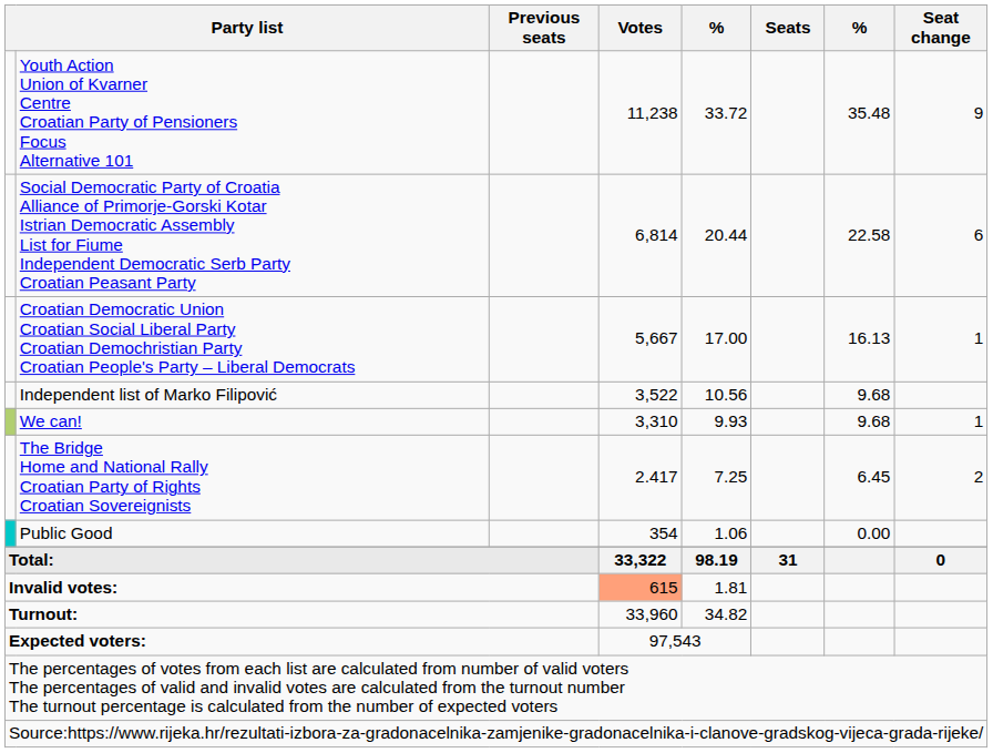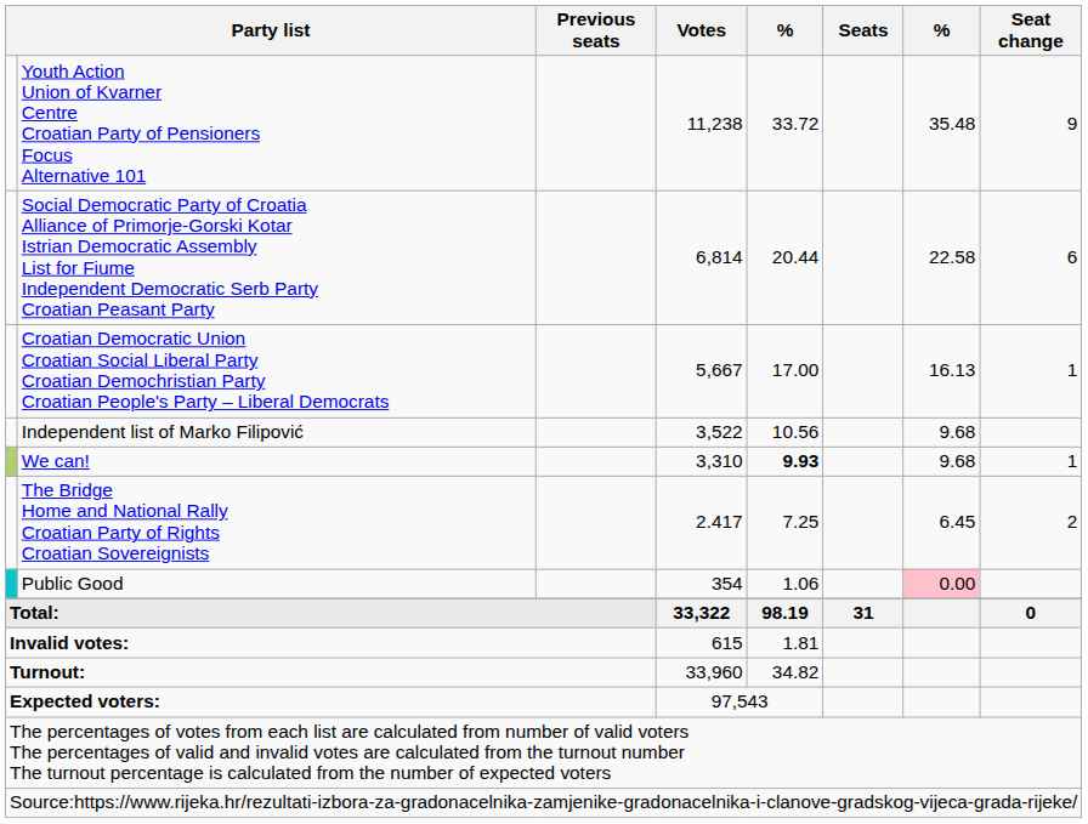 <table class="wikitable">
 <tr>
 <th colspan="2">Party list</th>
 <th>Previous<br>seats</th>
 <th>Votes</th>
 <th>%</th>
 <th>Seats</th>
 <th>%</th>
 <th>Seat<br>change</th>
 </tr>
 <tr>
 <td style="color:inherit;background:"></td>
 <td align="left"><a href='#'>Youth Action</a> <br> <a href='#'>Union of Kvarner</a> <br> <a href='#'>Centre</a> <br> <a href='#'>Croatian Party of Pensioners</a> <br> <a href='#'>Focus</a> <br><a href='#'>Alternative 101</a></td>
 <td align="left"></td>
 <td align="right">11,238</td>
 <td align="right">33.72</td>
 <td align="left"></td>
 <td align="right">35.48</td>
 <td align="right"> 9</td>
 </tr>
 <tr>
 <td style="color:inherit;background:"></td>
 <td align="left"><a href='#'>Social Democratic Party of Croatia</a> <br> <a href='#'>Alliance of Primorje-Gorski Kotar</a> <br><a href='#'>Istrian Democratic Assembly</a> <br> <a href='#'>List for Fiume</a> <br> <a href='#'>Independent Democratic Serb Party</a> <br><a href='#'>Croatian Peasant Party</a></td>
 <td align="left"></td>
 <td align="right">6,814</td>
 <td align="right">20.44</td>
 <td align="left"></td>
 <td align="right">22.58</td>
 <td align="right"> 6</td>
 </tr>
 <tr>
 <td style="color:inherit;background:"></td>
 <td align="left"><a href='#'>Croatian Democratic Union</a> <br> <a href='#'>Croatian Social Liberal Party</a> <br> <a href='#'>Croatian Demochristian Party</a> <br> <a href='#'>Croatian People's Party – Liberal Democrats</a></td>
 <td align="left"></td>
 <td align="right">5,667</td>
 <td align="right">17.00</td>
 <td align="left"></td>
 <td align="right">16.13</td>
 <td align="right"> 1</td>
 </tr>
 <tr>
 <td style="color:inherit;background:"></td>
 <td>Independent list of Marko Filipović</td>
 <td align="left"></td>
 <td align="right">3,522</td>
 <td align="right">10.56</td>
 <td align="left"></td>
 <td align="right">9.68</td>
 <td align="right"></td>
 </tr>
 <tr>
 <td style="color:inherit;background:#B1CF70"></td>
 <td align="left"><a href='#'>We can!</a></td>
 <td align="left"></td>
 <td align="right">3,310</td>
-<td align="right">9.93</td>
+<td align="right"><strong>9.93</strong></td>
 <td align="left"></td>
 <td align="right">9.68</td>
 <td align="right"> 1</td>
 </tr>
 <tr>
 <td style="color:inherit;background:"></td>
 <td align="left"><a href='#'>The Bridge</a> <br> <a href='#'>Home and National Rally</a> <br> <a href='#'>Croatian Party of Rights</a> <br> <a href='#'>Croatian Sovereignists</a> <br> </td>
 <td align="left"></td>
 <td align="right">2.417</td>
 <td align="right">7.25</td>
 <td align="left"></td>
 <td align="right">6.45</td>
 <td align="right"> 2</td>
 </tr>
 <tr>
 <td style="color:inherit;background:#00c8c8"></td>
 <td align="left">Public Good</td>
 <td align="left"></td>
 <td align="right">354</td>
 <td align="right">1.06</td>
 <td align="left"></td>
-<td align="right">0.00</td>
+<td align="right" style="background: pink;">0.00</td>
 <td align="right"></td>
 </tr>
 <tr>
 </tr>
 <tr style="background-color:#E9E9E9">
 <td colspan="3" align="left"><strong>Total:</strong></td>
 <th align="right">33,322</th>
 <th align="right">98.19</th>
 <th align="right">31</th>
 <th align="right"></th>
 <th align="right">0</th>
 </tr>
 <tr>
 <td colspan="3" align="left"><strong>Invalid votes:</strong></td>
-<td align="right" style="background: lightsalmon;">615</td>
+<td align="right">615</td>
 <td align="right">1.81</td>
 <td align="right"></td>
 <td align="right"></td>
 <td align="right"></td>
 </tr>
 <tr>
 <td colspan="3" align="left"><strong>Turnout:</strong></td>
 <td align="right">33,960</td>
 <td align="right">34.82</td>
 <td align="right"></td>
 <td align="right"></td>
 <td align="right"></td>
 </tr>
 <tr>
 <td colspan="3" align="left"><strong>Expected voters:</strong></td>
 <td colspan="2" align="center">97,543</td>
 <td align="right"></td>
 <td align="right"></td>
 <td align="right"></td>
 </tr>
 <tr>
 <td colspan="8" align="left">The percentages of votes from each list are calculated from number of valid voters <br> The percentages of valid and invalid votes are calculated from the turnout number <br> The turnout percentage is calculated from the number of expected voters</td>
 </tr>
 <tr>
 <td colspan="8" align="left">Source:https://www.rijeka.hr/rezultati-izbora-za-gradonacelnika-zamjenike-gradonacelnika-i-clanove-gradskog-vijeca-grada-rijeke/</td>
 </tr>
 </table>
